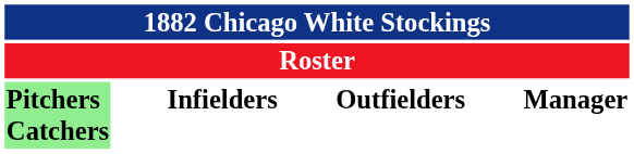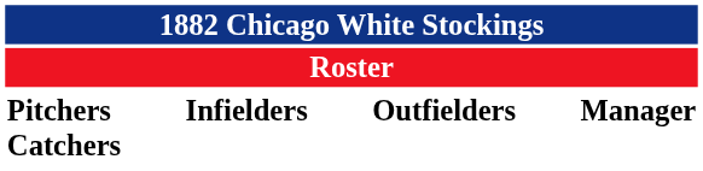 <table class="toccolours" style="font-size: 95%;">
 <tr>
 <th colspan="10" style="background-color: #0e3386; color: white; text-align: center;">1882 Chicago White Stockings</th>
 </tr>
 <tr>
 <td colspan="10" style="background-color: #EE1422; color: white; text-align: center;"><strong>Roster</strong></td>
 </tr>
 <tr>
-<td valign="top" style="background: lightgreen;"><strong>Pitchers</strong><br>  <strong>Catchers</strong> </td>
+<td valign="top"><strong>Pitchers</strong><br>  <strong>Catchers</strong> </td>
 <td width="25px"></td>
 <td valign="top"><strong>Infielders</strong><br>     </td>
 <td width="25px"></td>
 <td valign="top"><strong>Outfielders</strong><br>  </td>
 <td width="25px"></td>
 <td valign="top"><strong>Manager</strong><br></td>
 </tr>
 <tr>
 </tr>
 </table>
